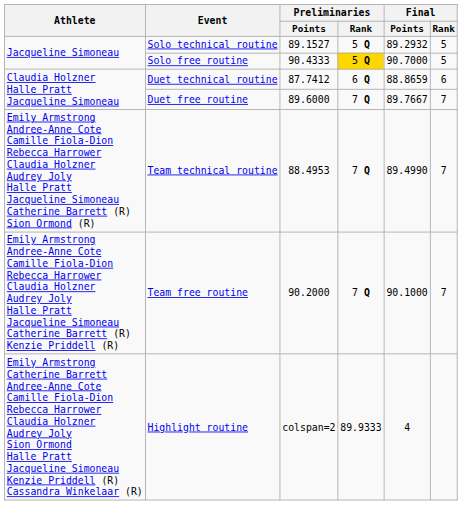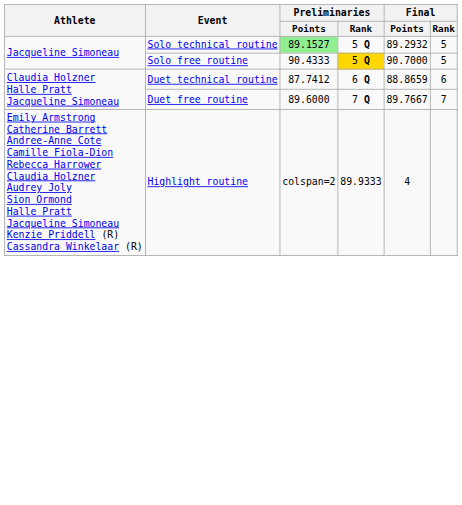 <table class=wikitable style="font-size:90%">
 <tr>
 <th rowspan="2">Athlete</th>
 <th rowspan="2">Event</th>
 <th colspan="2">Preliminaries</th>
 <th colspan="2">Final</th>
 </tr>
 <tr style="font-size:95%">
 <th>Points</th>
 <th>Rank</th>
 <th>Points</th>
 <th>Rank</th>
 </tr>
 <tr align=center>
 <td align=left rowspan=2><a href='#'>Jacqueline Simoneau</a></td>
 <td align=left><a href='#'>Solo technical routine</a></td>
-<td>89.1527</td>
+<td style="background: lightgreen;">89.1527</td>
 <td>5 <strong>Q</strong></td>
 <td>89.2932</td>
 <td>5</td>
 </tr>
 <tr align=center>
 <td align=left><a href='#'>Solo free routine</a></td>
 <td>90.4333</td>
 <td style="background: gold;">5 <strong>Q</strong></td>
 <td>90.7000</td>
 <td>5</td>
 </tr>
 <tr align=center>
 <td align=left rowspan=2><a href='#'>Claudia Holzner</a><br><a href='#'>Halle Pratt</a><br><a href='#'>Jacqueline Simoneau</a></td>
 <td align=left><a href='#'>Duet technical routine</a></td>
 <td>87.7412</td>
 <td>6 <strong>Q</strong></td>
 <td>88.8659</td>
 <td>6</td>
 </tr>
 <tr align=center>
 <td align=left><a href='#'>Duet free routine</a></td>
 <td>89.6000</td>
 <td>7 <strong>Q</strong></td>
 <td>89.7667</td>
 <td>7</td>
 </tr>
 <tr align=center>
-<td align=left><a href='#'>Emily Armstrong</a><br><a href='#'>Andree-Anne Cote</a><br><a href='#'>Camille Fiola-Dion</a><br><a href='#'>Rebecca Harrower</a><br><a href='#'>Claudia Holzner</a><br><a href='#'>Audrey Joly</a><br><a href='#'>Halle Pratt</a><br><a href='#'>Jacqueline Simoneau</a><br><a href='#'>Catherine Barrett</a> (R)<br><a href='#'>Sion Ormond</a> (R)</td>
-<td align=left><a href='#'>Team technical routine</a></td>
-<td>88.4953</td>
-<td>7 <strong>Q</strong></td>
-<td>89.4990</td>
-<td>7</td>
-</tr>
-<tr align=center>
-<td align=left><a href='#'>Emily Armstrong</a><br><a href='#'>Andree-Anne Cote</a><br><a href='#'>Camille Fiola-Dion</a><br><a href='#'>Rebecca Harrower</a><br><a href='#'>Claudia Holzner</a><br><a href='#'>Audrey Joly</a><br><a href='#'>Halle Pratt</a><br><a href='#'>Jacqueline Simoneau</a><br><a href='#'>Catherine Barrett</a> (R)<br><a href='#'>Kenzie Priddell</a> (R)</td>
-<td align=left><a href='#'>Team free routine</a></td>
-<td>90.2000</td>
-<td>7 <strong>Q</strong></td>
-<td>90.1000</td>
-<td>7</td>
-</tr>
-<tr align=center>
 <td align=left><a href='#'>Emily Armstrong</a><br><a href='#'>Catherine Barrett</a><br><a href='#'>Andree-Anne Cote</a><br><a href='#'>Camille Fiola-Dion</a><br><a href='#'>Rebecca Harrower</a><br><a href='#'>Claudia Holzner</a><br><a href='#'>Audrey Joly</a><br><a href='#'>Sion Ormond</a><br><a href='#'>Halle Pratt</a><br><a href='#'>Jacqueline Simoneau</a><br><a href='#'>Kenzie Priddell</a> (R)<br><a href='#'>Cassandra Winkelaar</a> (R)</td>
 <td align=left><a href='#'>Highlight routine</a></td>
 <td>colspan=2 </td>
 <td>89.9333</td>
 <td>4</td>
 </tr>
 </table>
